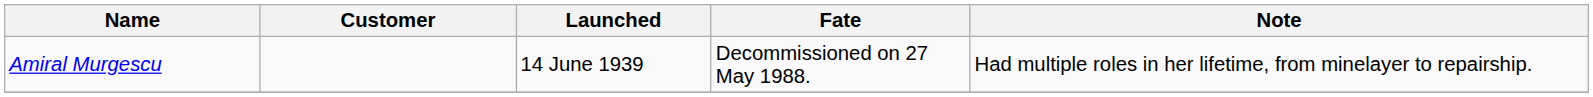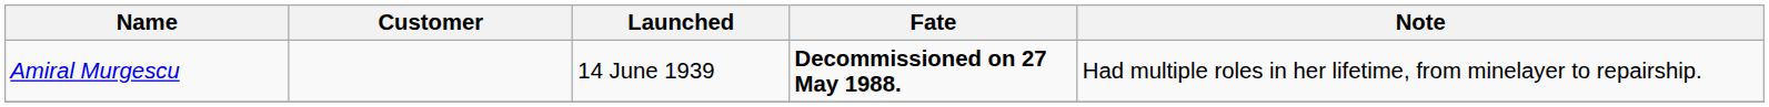 <table class="wikitable mw-collapsible mw-collapsed">
 <tr>
 <th width="200">Name</th>
 <th width="200">Customer</th>
 <th width="150">Launched</th>
 <th width="200">Fate</th>
 <th width="500">Note</th>
 </tr>
 <tr>
 <td><em><a href='#'>Amiral Murgescu</a></em></td>
 <td></td>
 <td>14 June 1939</td>
-<td>Decommissioned on 27 May 1988.</td>
+<td><strong>Decommissioned on 27 May 1988.</strong></td>
 <td>Had multiple roles in her lifetime, from minelayer to repairship.</td>
 </tr>
 <tr>
 </tr>
 </table>
